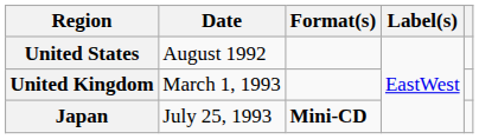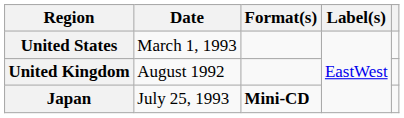 <table class="wikitable plainrowheaders">
 <tr>
 <th scope="col">Region</th>
 <th scope="col">Date</th>
 <th scope="col">Format(s)</th>
 <th scope="col">Label(s)</th>
 <th scope="col"></th>
 </tr>
 <tr>
 <th scope="row">United States</th>
-<td>August 1992</td>
+<td>March 1, 1993</td>
 <td></td>
 <td rowspan="3"><a href='#'>EastWest</a></td>
 <td></td>
 </tr>
 <tr>
 <th scope="row">United Kingdom</th>
-<td>March 1, 1993</td>
+<td>August 1992</td>
 <td></td>
 <td></td>
 </tr>
 <tr>
 <th scope="row">Japan</th>
 <td>July 25, 1993</td>
 <td><strong>Mini-CD</strong></td>
 <td></td>
 </tr>
 </table>
